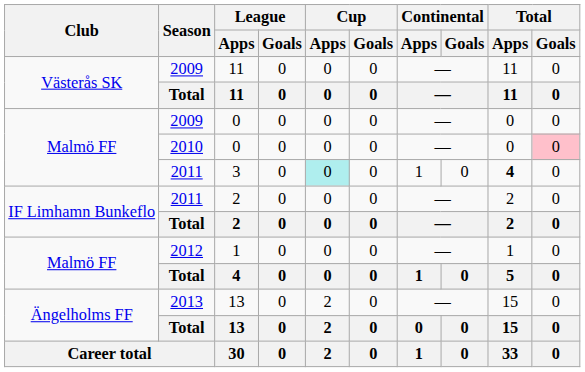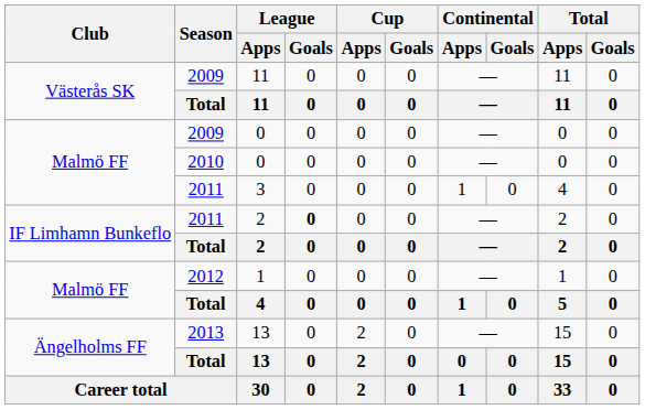 <table class="wikitable" style="text-align:center;">
 <tr>
 <th rowspan="2">Club</th>
 <th rowspan="2">Season</th>
 <th colspan="2">League</th>
 <th colspan="2">Cup</th>
 <th colspan="2">Continental</th>
 <th colspan="2">Total</th>
 </tr>
 <tr>
 <th>Apps</th>
 <th>Goals</th>
 <th>Apps</th>
 <th>Goals</th>
 <th>Apps</th>
 <th>Goals</th>
 <th>Apps</th>
 <th>Goals</th>
 </tr>
 <tr>
 <td rowspan="2"><a href='#'>Västerås SK</a></td>
 <td><a href='#'>2009</a></td>
 <td>11</td>
 <td>0</td>
 <td>0</td>
 <td>0</td>
 <td colspan="2">—</td>
 <td>11</td>
 <td>0</td>
 </tr>
 <tr>
 <th>Total</th>
 <th>11</th>
 <th>0</th>
 <th>0</th>
 <th>0</th>
 <th colspan="2">—</th>
 <th>11</th>
 <th>0</th>
 </tr>
 <tr>
 <td rowspan="3"><a href='#'>Malmö FF</a></td>
 <td><a href='#'>2009</a></td>
 <td>0</td>
 <td>0</td>
 <td>0</td>
 <td>0</td>
 <td colspan="2">—</td>
 <td>0</td>
 <td>0</td>
 </tr>
 <tr>
 <td><a href='#'>2010</a></td>
 <td>0</td>
 <td>0</td>
 <td>0</td>
 <td>0</td>
 <td colspan="2">—</td>
 <td>0</td>
-<td style="background: pink;">0</td>
+<td>0</td>
 </tr>
 <tr>
 <td><a href='#'>2011</a></td>
 <td>3</td>
 <td>0</td>
-<td style="background: paleturquoise;">0</td>
+<td>0</td>
 <td>0</td>
 <td>1</td>
 <td>0</td>
-<td><strong>4</strong></td>
+<td>4</td>
 <td>0</td>
 </tr>
 <tr>
 <td rowspan="2"><a href='#'>IF Limhamn Bunkeflo</a></td>
 <td><a href='#'>2011</a></td>
 <td>2</td>
-<td>0</td>
+<td><strong>0</strong></td>
 <td>0</td>
 <td>0</td>
 <td colspan="2">—</td>
 <td>2</td>
 <td>0</td>
 </tr>
 <tr>
 <th>Total</th>
 <th>2</th>
 <th>0</th>
 <th>0</th>
 <th>0</th>
 <th colspan="2">—</th>
 <th>2</th>
 <th>0</th>
 </tr>
 <tr>
 <td rowspan="2"><a href='#'>Malmö FF</a></td>
 <td><a href='#'>2012</a></td>
 <td>1</td>
 <td>0</td>
 <td>0</td>
 <td>0</td>
 <td colspan="2">—</td>
 <td>1</td>
 <td>0</td>
 </tr>
 <tr>
 <th>Total</th>
 <th>4</th>
 <th>0</th>
 <th>0</th>
 <th>0</th>
 <th>1</th>
 <th>0</th>
 <th>5</th>
 <th>0</th>
 </tr>
 <tr>
 <td rowspan="2"><a href='#'>Ängelholms FF</a></td>
 <td><a href='#'>2013</a></td>
 <td>13</td>
 <td>0</td>
 <td>2</td>
 <td>0</td>
 <td colspan="2">—</td>
 <td>15</td>
 <td>0</td>
 </tr>
 <tr>
 <th>Total</th>
 <th>13</th>
 <th>0</th>
 <th>2</th>
 <th>0</th>
 <th>0</th>
 <th>0</th>
 <th>15</th>
 <th>0</th>
 </tr>
 <tr>
 <th colspan="2">Career total</th>
 <th>30</th>
 <th>0</th>
 <th>2</th>
 <th>0</th>
 <th>1</th>
 <th>0</th>
 <th>33</th>
 <th>0</th>
 </tr>
 </table>
